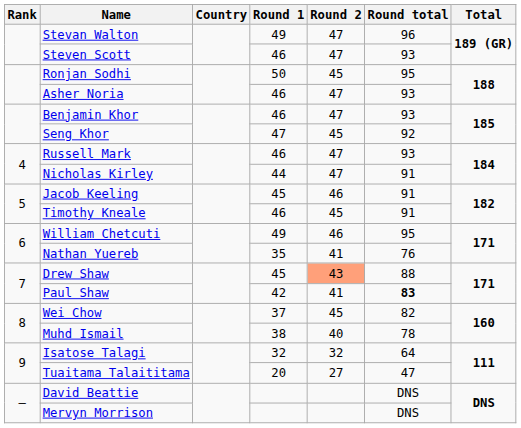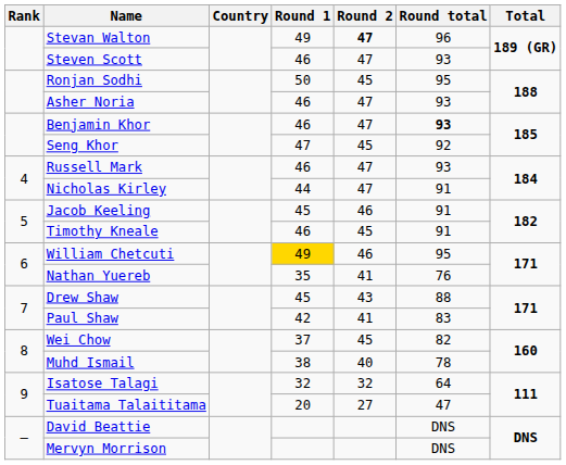 <table class="wikitable sortable" style="text-align:center;">
 <tr>
 <th>Rank</th>
 <th>Name</th>
 <th>Country</th>
 <th>Round 1</th>
 <th>Round 2</th>
 <th>Round total</th>
 <th>Total</th>
 </tr>
 <tr>
 <td rowspan=2></td>
 <td align=left><a href='#'>Stevan Walton</a></td>
 <td rowspan=2></td>
 <td>49</td>
-<td>47</td>
+<td><strong>47</strong></td>
 <td>96</td>
 <td rowspan=2><strong>189 (GR)</strong></td>
 </tr>
 <tr>
 <td align=left><a href='#'>Steven Scott</a></td>
 <td>46</td>
 <td>47</td>
 <td>93</td>
 </tr>
 <tr>
 <td rowspan=2></td>
 <td align=left><a href='#'>Ronjan Sodhi</a></td>
 <td rowspan=2></td>
 <td>50</td>
 <td>45</td>
 <td>95</td>
 <td rowspan=2><strong>188</strong></td>
 </tr>
 <tr>
 <td align=left><a href='#'>Asher Noria</a></td>
 <td>46</td>
 <td>47</td>
 <td>93</td>
 </tr>
 <tr>
 <td rowspan=2></td>
 <td align=left><a href='#'>Benjamin Khor</a></td>
 <td rowspan=2></td>
 <td>46</td>
 <td>47</td>
-<td>93</td>
+<td><strong>93</strong></td>
 <td rowspan=2><strong>185</strong></td>
 </tr>
 <tr>
 <td align=left><a href='#'>Seng Khor</a></td>
 <td>47</td>
 <td>45</td>
 <td>92</td>
 </tr>
 <tr>
 <td rowspan=2>4</td>
 <td align=left><a href='#'>Russell Mark</a></td>
 <td rowspan=2></td>
 <td>46</td>
 <td>47</td>
 <td>93</td>
 <td rowspan=2><strong>184</strong></td>
 </tr>
 <tr>
 <td align=left><a href='#'>Nicholas Kirley</a></td>
 <td>44</td>
 <td>47</td>
 <td>91</td>
 </tr>
 <tr>
 <td rowspan=2>5</td>
 <td align=left><a href='#'>Jacob Keeling</a></td>
 <td rowspan=2></td>
 <td>45</td>
 <td>46</td>
 <td>91</td>
 <td rowspan=2><strong>182</strong></td>
 </tr>
 <tr>
 <td align=left><a href='#'>Timothy Kneale</a></td>
 <td>46</td>
 <td>45</td>
 <td>91</td>
 </tr>
 <tr>
 <td rowspan=2>6</td>
 <td align=left><a href='#'>William Chetcuti</a></td>
 <td rowspan=2></td>
-<td>49</td>
+<td style="background: gold;">49</td>
 <td>46</td>
 <td>95</td>
 <td rowspan=2><strong>171</strong></td>
 </tr>
 <tr>
 <td align=left><a href='#'>Nathan Yuereb</a></td>
 <td>35</td>
 <td>41</td>
 <td>76</td>
 </tr>
 <tr>
 <td rowspan=2>7</td>
 <td align=left><a href='#'>Drew Shaw</a></td>
 <td rowspan=2></td>
 <td>45</td>
-<td style="background: lightsalmon;">43</td>
+<td>43</td>
 <td>88</td>
 <td rowspan=2><strong>171</strong></td>
 </tr>
 <tr>
 <td align=left><a href='#'>Paul Shaw</a></td>
 <td>42</td>
 <td>41</td>
-<td><strong>83</strong></td>
+<td>83</td>
 </tr>
 <tr>
 <td rowspan=2>8</td>
 <td align=left><a href='#'>Wei Chow</a></td>
 <td rowspan=2></td>
 <td>37</td>
 <td>45</td>
 <td>82</td>
 <td rowspan=2><strong>160</strong></td>
 </tr>
 <tr>
 <td align=left><a href='#'>Muhd Ismail</a></td>
 <td>38</td>
 <td>40</td>
 <td>78</td>
 </tr>
 <tr>
 <td rowspan=2>9</td>
 <td align=left><a href='#'>Isatose Talagi</a></td>
 <td rowspan=2></td>
 <td>32</td>
 <td>32</td>
 <td>64</td>
 <td rowspan=2><strong>111</strong></td>
 </tr>
 <tr>
 <td align=left><a href='#'>Tuaitama Talaititama</a></td>
 <td>20</td>
 <td>27</td>
 <td>47</td>
 </tr>
 <tr>
 <td rowspan=2>–</td>
 <td align=left><a href='#'>David Beattie</a></td>
 <td rowspan=2></td>
 <td></td>
 <td></td>
 <td>DNS</td>
 <td rowspan=2><strong>DNS</strong></td>
 </tr>
 <tr>
 <td align=left><a href='#'>Mervyn Morrison</a></td>
 <td></td>
 <td></td>
 <td>DNS</td>
 </tr>
 </table>
